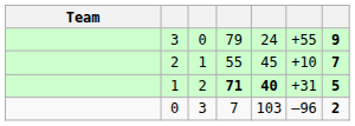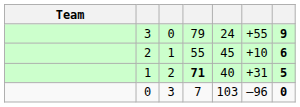 <table class="wikitable" style="text-align:center;">
 <tr>
 <th style="width:10.5em;">Team</th>
 <th style="width:1.5em;"></th>
 <th style="width:1.5em;"></th>
 <th style="width:2.0em;"></th>
 <th style="width:2.0em;"></th>
 <th style="width:2.0em;"></th>
 <th style="width:1.5em;"></th>
 </tr>
 <tr bgcolor=#cfc>
 <td align="left"></td>
 <td>3</td>
 <td>0</td>
 <td>79</td>
 <td>24</td>
 <td>+55</td>
 <td><strong>9</strong></td>
 </tr>
 <tr bgcolor=#cfc>
 <td align="left"></td>
 <td>2</td>
 <td>1</td>
 <td>55</td>
 <td>45</td>
 <td>+10</td>
-<td><strong>7</strong></td>
+<td><strong>6</strong></td>
 </tr>
 <tr bgcolor=#cfc>
 <td align="left"></td>
 <td>1</td>
 <td>2</td>
 <td><strong>71</strong></td>
-<td><strong>40</strong></td>
+<td>40</td>
 <td>+31</td>
 <td><strong>5</strong></td>
 </tr>
 <tr>
 <td align="left"></td>
 <td>0</td>
 <td>3</td>
 <td>7</td>
 <td>103</td>
 <td>–96</td>
-<td><strong>2</strong></td>
+<td><strong>0</strong></td>
 </tr>
 </table>
